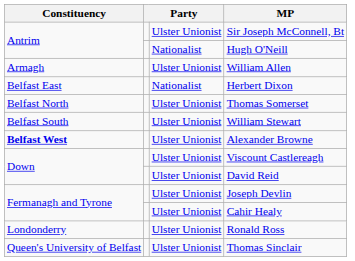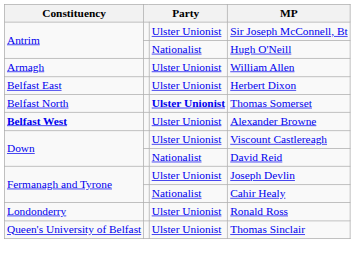 <table class=wikitable>
 <tr>
 <th>Constituency</th>
 <th colspan=2>Party</th>
 <th>MP</th>
 </tr>
 <tr>
 <td rowspan=2><a href='#'>Antrim</a></td>
 <td style="background-color: "></td>
 <td><a href='#'>Ulster Unionist</a></td>
 <td><a href='#'>Sir Joseph McConnell, Bt</a></td>
 </tr>
 <tr>
 <td style="background-color: "></td>
 <td><a href='#'>Nationalist</a></td>
 <td><a href='#'>Hugh O'Neill</a></td>
 </tr>
 <tr>
 <td><a href='#'>Armagh</a></td>
 <td style="background-color: "></td>
 <td><a href='#'>Ulster Unionist</a></td>
 <td><a href='#'>William Allen</a></td>
 </tr>
 <tr>
 <td><a href='#'>Belfast East</a></td>
 <td style="background-color: "></td>
-<td><a href='#'>Nationalist</a></td>
+<td><a href='#'>Ulster Unionist</a></td>
 <td><a href='#'>Herbert Dixon</a></td>
 </tr>
 <tr>
 <td><a href='#'>Belfast North</a></td>
 <td style="background-color: "></td>
-<td><a href='#'>Ulster Unionist</a></td>
+<td><strong><a href='#'>Ulster Unionist</a></strong></td>
 <td><a href='#'>Thomas Somerset</a></td>
-</tr>
-<tr>
-<td><a href='#'>Belfast South</a></td>
-<td style="background-color: "></td>
-<td><a href='#'>Ulster Unionist</a></td>
-<td><a href='#'>William Stewart</a></td>
 </tr>
 <tr>
 <td><strong><a href='#'>Belfast West</a></strong></td>
 <td style="background-color: "></td>
 <td><a href='#'>Ulster Unionist</a></td>
 <td><a href='#'>Alexander Browne</a></td>
 </tr>
 <tr>
 <td rowspan=2><a href='#'>Down</a></td>
 <td style="background-color: "></td>
 <td><a href='#'>Ulster Unionist</a></td>
 <td><a href='#'>Viscount Castlereagh</a></td>
 </tr>
 <tr>
 <td style="background-color: "></td>
-<td><a href='#'>Ulster Unionist</a></td>
+<td><a href='#'>Nationalist</a></td>
 <td><a href='#'>David Reid</a></td>
 </tr>
 <tr>
 <td rowspan=2><a href='#'>Fermanagh and Tyrone</a></td>
 <td style="background-color: "></td>
 <td><a href='#'>Ulster Unionist</a></td>
 <td><a href='#'>Joseph Devlin</a></td>
 </tr>
 <tr>
 <td style="background-color: "></td>
-<td><a href='#'>Ulster Unionist</a></td>
+<td><a href='#'>Nationalist</a></td>
 <td><a href='#'>Cahir Healy</a></td>
 </tr>
 <tr>
 <td><a href='#'>Londonderry</a></td>
 <td style="background-color: "></td>
 <td><a href='#'>Ulster Unionist</a></td>
 <td><a href='#'>Ronald Ross</a></td>
 </tr>
 <tr>
 <td><a href='#'>Queen's University of Belfast</a></td>
 <td style="background-color: "></td>
 <td><a href='#'>Ulster Unionist</a></td>
 <td><a href='#'>Thomas Sinclair</a></td>
 </tr>
 </table>
